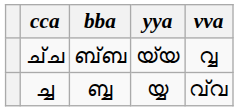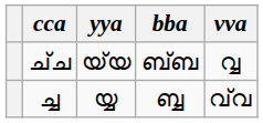 <table class="wikitable" lang="ml" style="text-align:center;margin-left:30px">
 <tr lang="en">
 <th> </th>
 <th><em>cca</em></th>
+<th><em>yya</em></th>
 <th><em>bba</em></th>
-<th><em>yya</em></th>
 <th><em>vva</em></th>
 </tr>
 <tr>
 <th></th>
 <td>ച്‌ച</td>
+<td>യ്‌യ</td>
 <td>ബ്‌ബ</td>
-<td>യ്‌യ</td>
 <td>വ്വ</td>
 </tr>
 <tr>
 <th></th>
 <td>ച്ച</td>
+<td>യ്യ</td>
 <td>ബ്ബ</td>
-<td>യ്യ</td>
 <td>വ്‌വ</td>
 </tr>
 </table>
